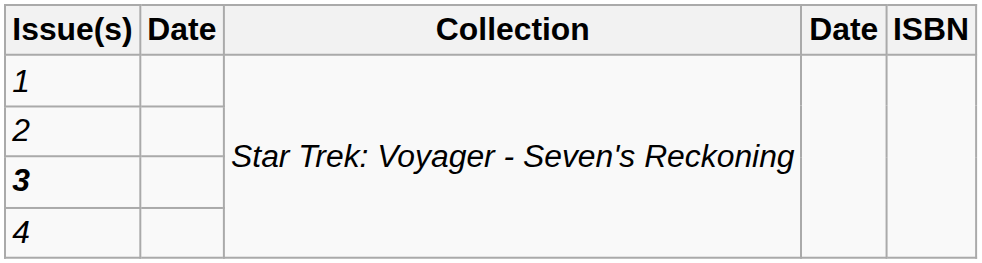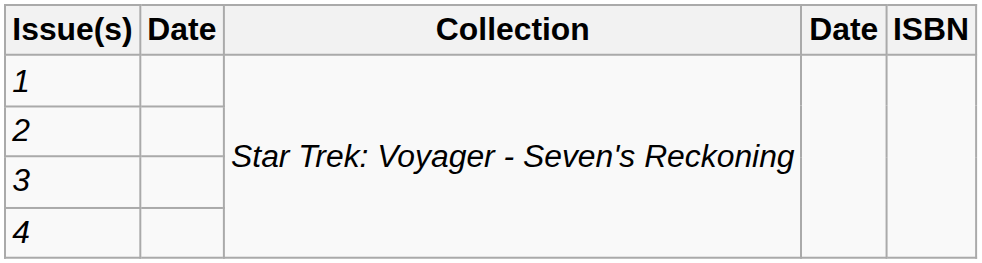 <table class="wikitable">
 <tr>
 <th>Issue(s)</th>
 <th>Date</th>
 <th>Collection</th>
 <th>Date</th>
 <th>ISBN</th>
 </tr>
 <tr>
 <td><em>1</em></td>
 <td></td>
 <td rowspan="4"><em>Star Trek: Voyager - Seven's Reckoning</em></td>
 <td rowspan="4"></td>
 <td rowspan="4"></td>
 </tr>
 <tr>
 <td><em>2</em></td>
 <td></td>
 </tr>
 <tr>
-<td><strong><em>3</em></strong></td>
+<td><em>3</em></td>
 <td></td>
 </tr>
 <tr>
 <td><em>4</em></td>
 <td></td>
 </tr>
 </table>
